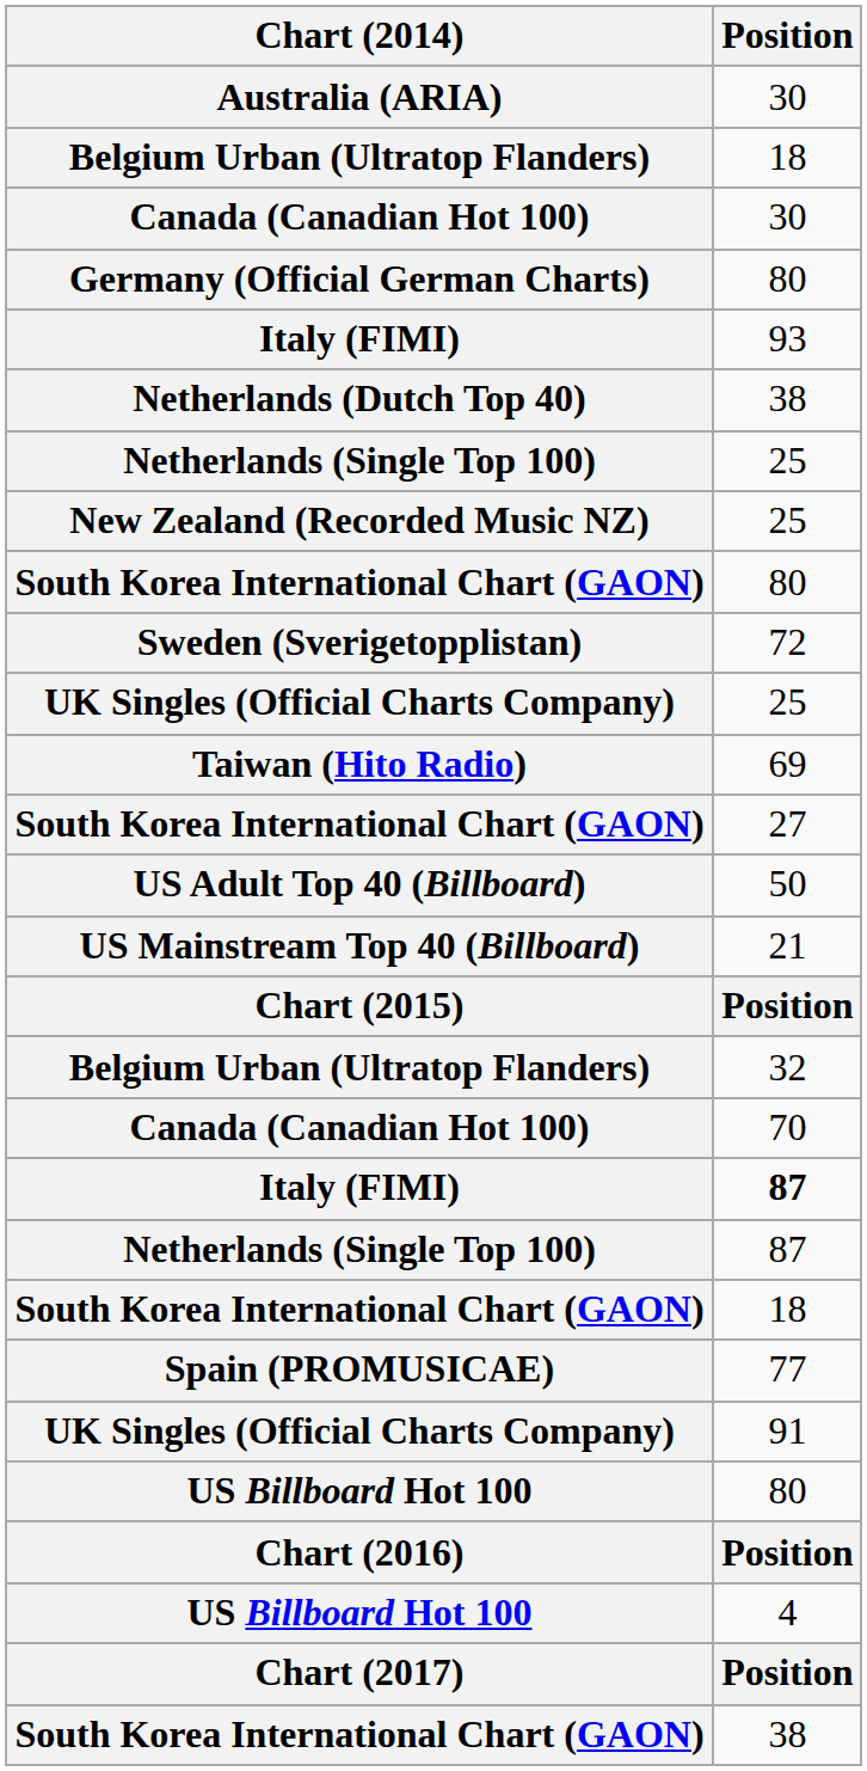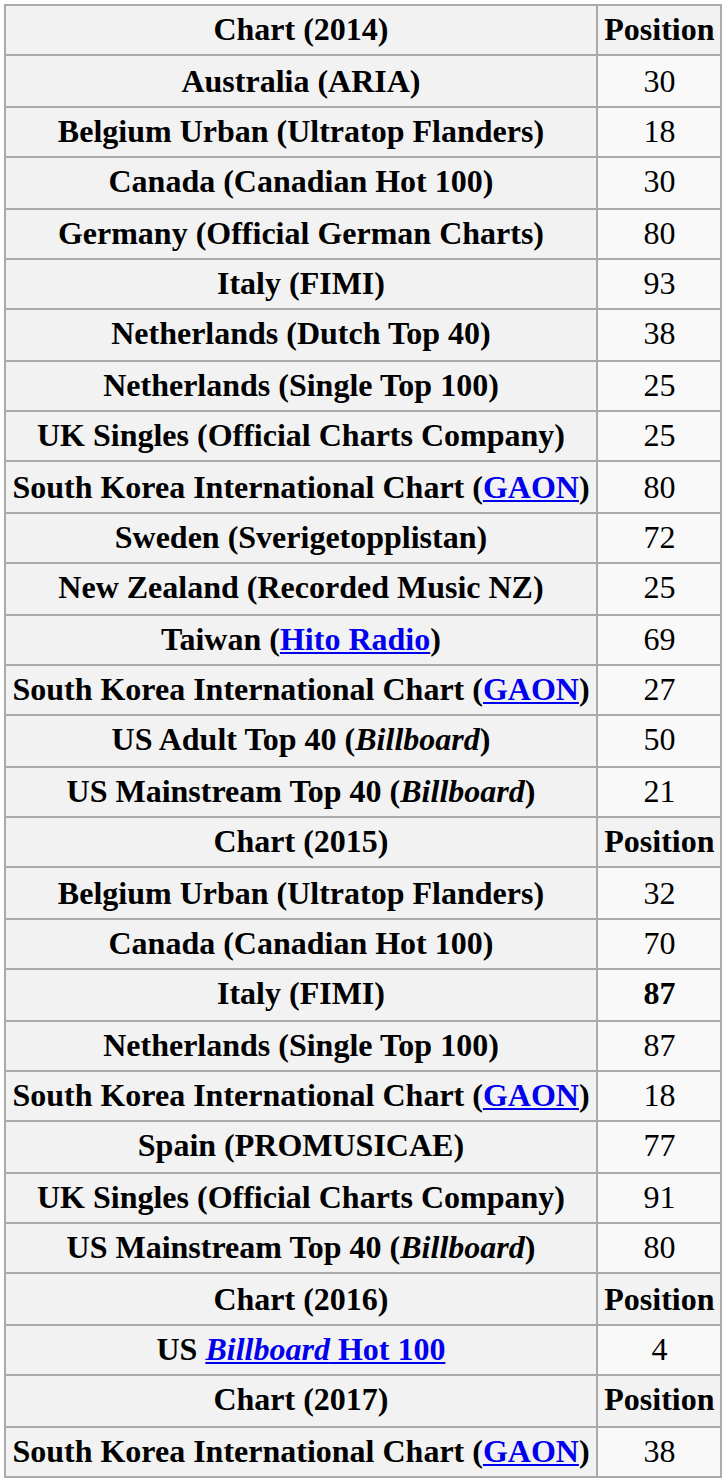 <table class="wikitable sortable plainrowheaders" style="text-align:center;">
 <tr>
 <th>Chart (2014)</th>
 <th>Position</th>
 </tr>
 <tr>
 <th scope="row">Australia (ARIA)</th>
 <td>30</td>
 </tr>
 <tr>
 <th scope="row">Belgium Urban (Ultratop Flanders)</th>
 <td>18</td>
 </tr>
 <tr>
 <th scope="row">Canada (Canadian Hot 100)</th>
 <td>30</td>
 </tr>
 <tr>
 <th scope="row">Germany (Official German Charts)</th>
 <td style="text-align:center;">80</td>
 </tr>
 <tr>
 <th scope="row">Italy (FIMI)</th>
 <td style="text-align:center;">93</td>
 </tr>
 <tr>
 <th scope="row">Netherlands (Dutch Top 40)</th>
 <td>38</td>
 </tr>
 <tr>
 <th scope="row">Netherlands (Single Top 100)</th>
 <td>25</td>
 </tr>
 <tr>
-<th scope="row">New Zealand (Recorded Music NZ)</th>
+<th scope="row">UK Singles (Official Charts Company)</th>
 <td>25</td>
 </tr>
 <tr>
 <th scope="row">South Korea International Chart (<a href='#'>GAON</a>)</th>
 <td>80</td>
 </tr>
 <tr>
 <th scope="row">Sweden (Sverigetopplistan)</th>
 <td>72</td>
 </tr>
 <tr>
-<th scope="row">UK Singles (Official Charts Company)</th>
+<th scope="row">New Zealand (Recorded Music NZ)</th>
 <td>25</td>
 </tr>
 <tr>
 <th scope="row">Taiwan (<a href='#'>Hito Radio</a>)</th>
 <td>69</td>
 </tr>
 <tr>
 <th scope="row">South Korea International Chart (<a href='#'>GAON</a>)</th>
 <td>27</td>
 </tr>
 <tr>
 <th scope="row">US Adult Top 40 (<em>Billboard</em>)</th>
 <td>50</td>
 </tr>
 <tr>
 <th scope="row">US Mainstream Top 40 (<em>Billboard</em>)</th>
 <td>21</td>
 </tr>
 <tr>
 <th scope="col">Chart (2015)</th>
 <th scope="col">Position</th>
 </tr>
 <tr>
 <th scope="row">Belgium Urban (Ultratop Flanders)</th>
 <td>32</td>
 </tr>
 <tr>
 <th scope="row">Canada (Canadian Hot 100)</th>
 <td>70</td>
 </tr>
 <tr>
 <th scope="row">Italy (FIMI)</th>
 <td><strong>87</strong></td>
 </tr>
 <tr>
 <th scope="row">Netherlands (Single Top 100)</th>
 <td>87</td>
 </tr>
 <tr>
 <th scope="row">South Korea International Chart (<a href='#'>GAON</a>)</th>
 <td>18</td>
 </tr>
 <tr>
 <th scope="row">Spain (PROMUSICAE)</th>
 <td>77</td>
 </tr>
 <tr>
 <th scope="row">UK Singles (Official Charts Company)</th>
 <td>91</td>
 </tr>
 <tr>
-<th scope="row">US <em>Billboard</em> Hot 100</th>
+<th scope="row">US Mainstream Top 40 (<em>Billboard</em>)</th>
 <td>80</td>
 </tr>
 <tr>
 <th scope="col">Chart (2016)</th>
 <th scope="col">Position</th>
 </tr>
 <tr>
 <th scope="row">US <a href='#'><em>Billboard</em> Hot 100</a></th>
 <td>4</td>
 </tr>
 <tr>
 <th scope="col">Chart (2017)</th>
 <th scope="col">Position</th>
 </tr>
 <tr>
 <th scope="row">South Korea International Chart (<a href='#'>GAON</a>)</th>
 <td>38</td>
 </tr>
 </table>
